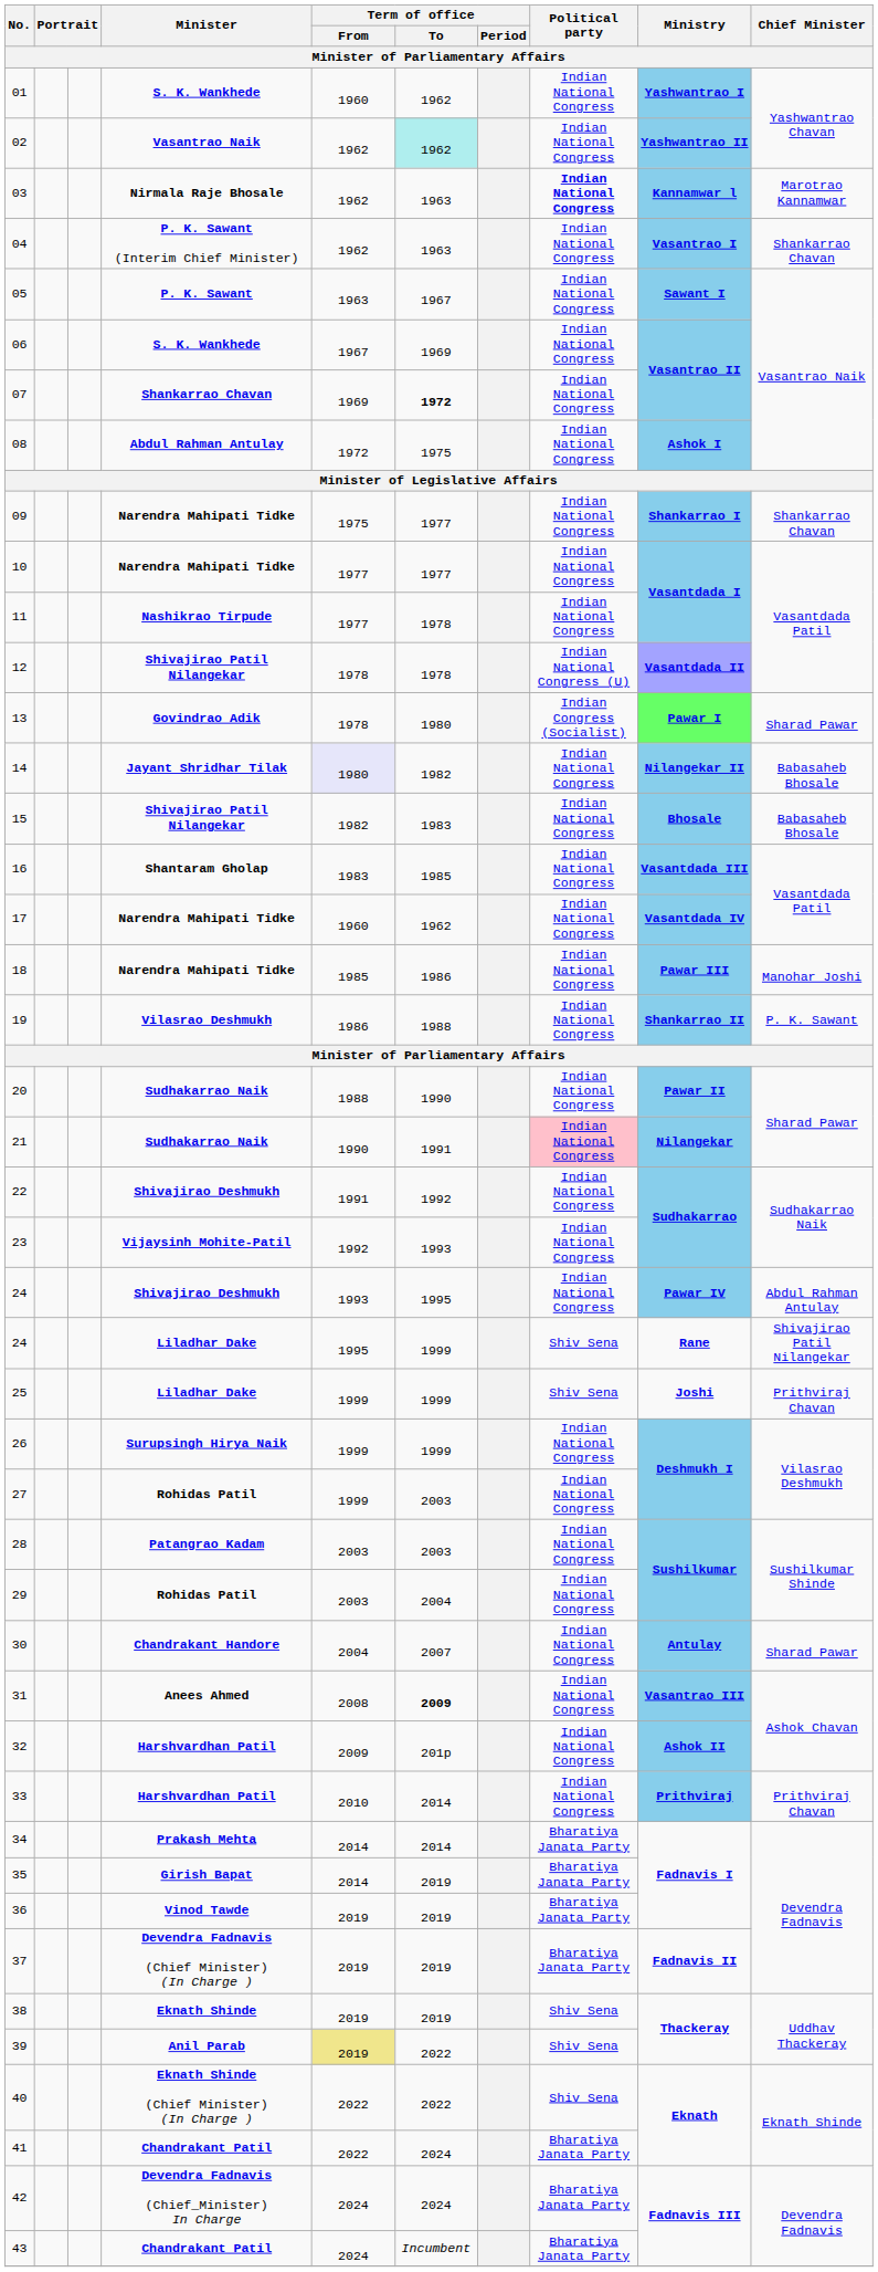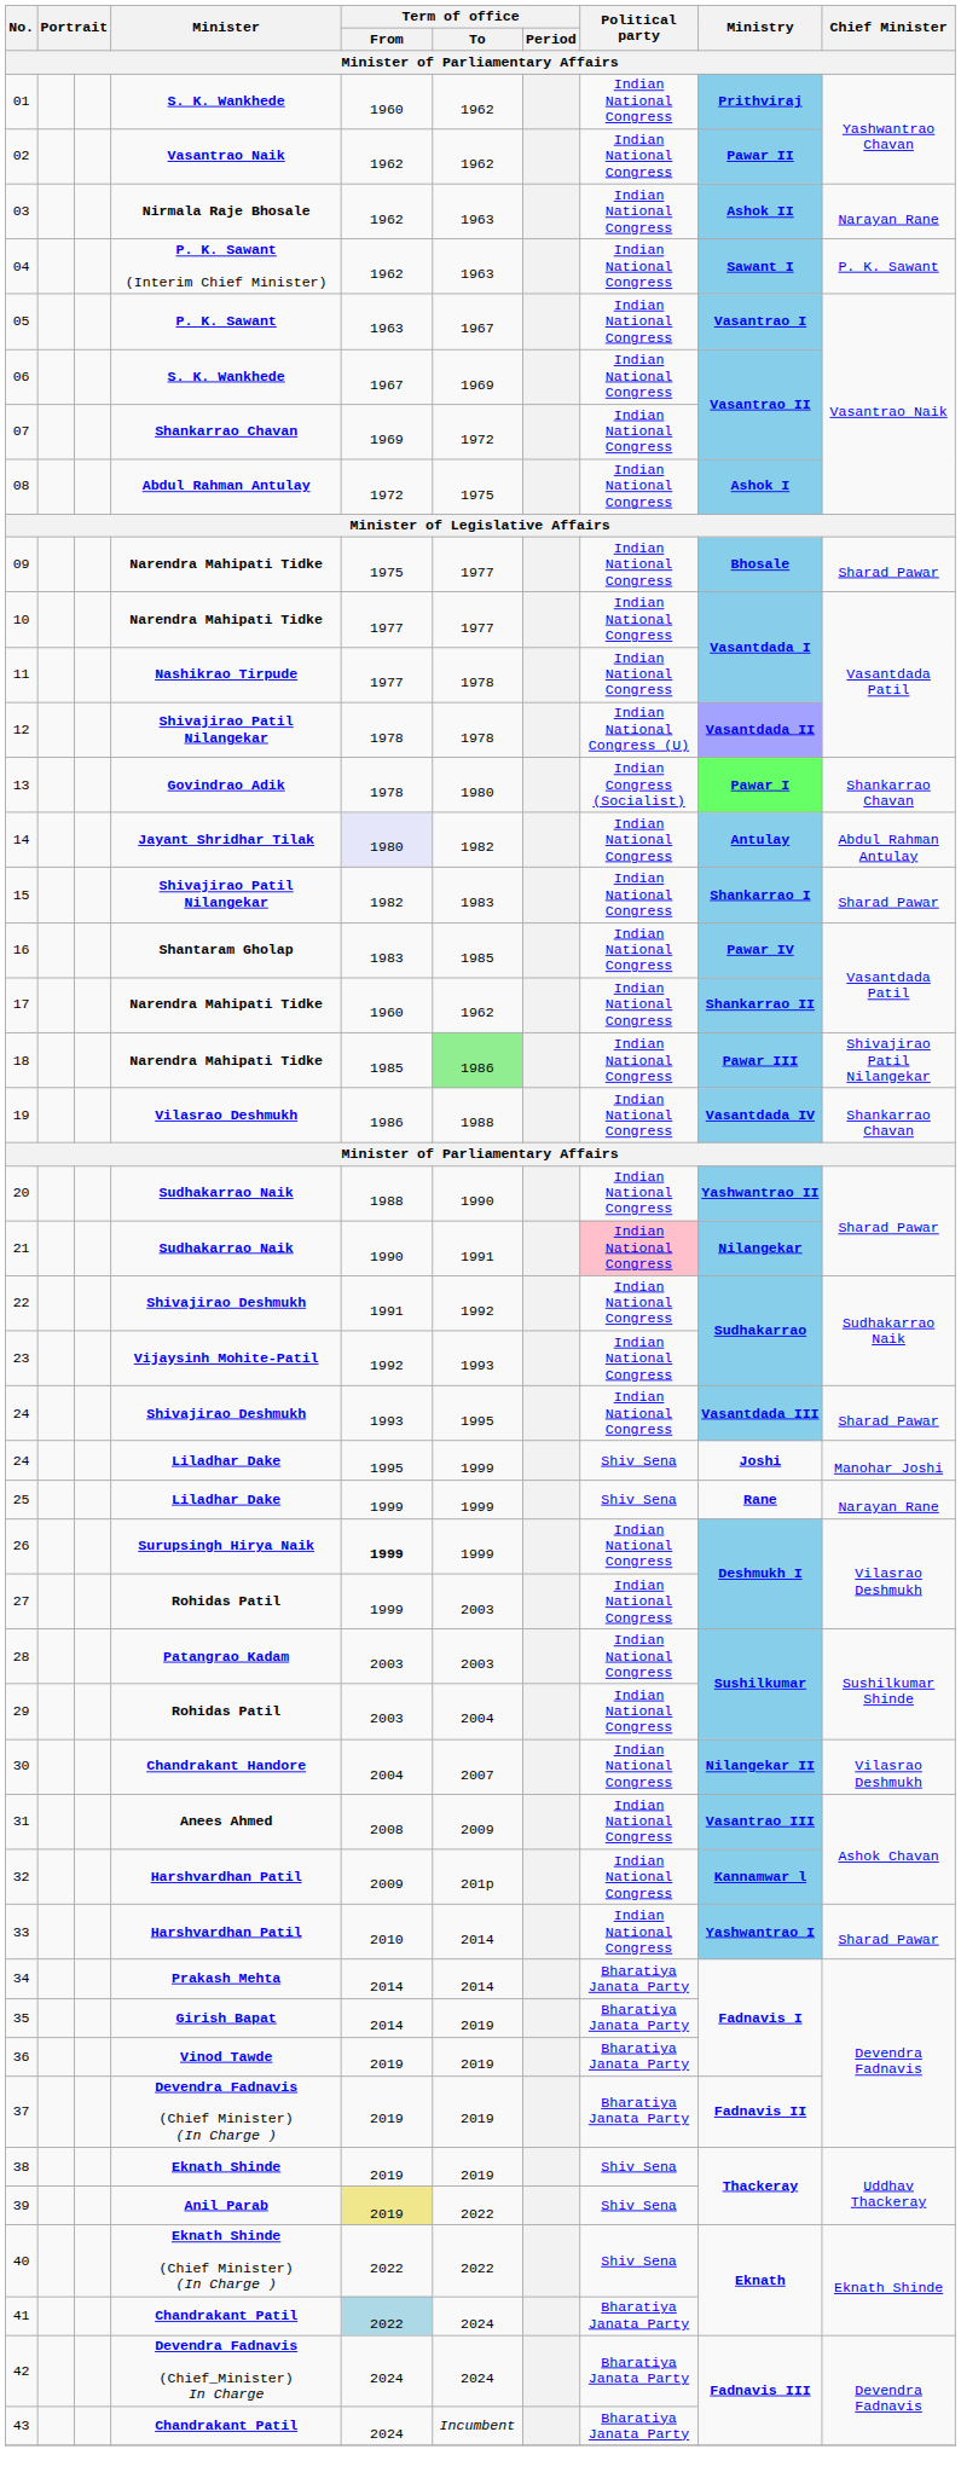 <table class="wikitable" style="text-align:center">
 <tr>
 <th rowspan="2">No.</th>
 <th rowspan="2" colspan="2">Portrait</th>
 <th rowspan="2" style="width:16em">Minister<br></th>
 <th colspan="3">Term of office</th>
 <th rowspan="2" style="width:8em">Political party</th>
 <th rowspan="2">Ministry</th>
 <th rowspan="2" style="width:9em">Chief Minister</th>
 </tr>
 <tr>
 <th style="width:6em">From</th>
 <th style="width:6em">To</th>
 <th>Period</th>
 </tr>
 <tr>
 <th colspan="10">Minister of Parliamentary Affairs</th>
 </tr>
 <tr>
 <td>01</td>
 <td style="color:inherit;background:"></td>
 <td></td>
 <td><strong><a href='#'>S. K. Wankhede</a></strong><br> </td>
 <td><br>1960</td>
 <td><br>1962</td>
 <th></th>
 <td><a href='#'>Indian National Congress</a></td>
-<td bgcolor="#87CEEB"><a href='#'><strong>Yashwantrao I</strong></a></td>
+<td bgcolor="#87CEEB"><a href='#'><strong>Prithviraj</strong></a></td>
 <td rowspan="2"> <br><a href='#'>Yashwantrao Chavan</a></td>
 </tr>
 <tr>
 <td>02</td>
 <td style="color:inherit;background:"></td>
 <td></td>
 <td><strong><a href='#'>Vasantrao Naik</a></strong> <br> </td>
 <td><br>1962</td>
-<td style="background: paleturquoise;"><br>1962</td>
+<td><br>1962</td>
 <th></th>
 <td><a href='#'>Indian National Congress</a></td>
-<td bgcolor="#87CEEB"><a href='#'><strong>Yashwantrao II</strong></a></td>
+<td bgcolor="#87CEEB"><a href='#'><strong>Pawar II</strong></a></td>
 </tr>
 <tr>
 <td>03</td>
 <td style="color:inherit;background:"></td>
 <td></td>
 <td><strong>Nirmala Raje Bhosale</strong> <br> </td>
 <td><br>1962</td>
 <td><br>1963</td>
 <th></th>
-<td><strong><a href='#'>Indian National Congress</a></strong></td>
-<td bgcolor="#87CEEB"><a href='#'><strong>Kannamwar l</strong></a></td>
-<td><a href='#'>Marotrao Kannamwar</a></td>
+<td><a href='#'>Indian National Congress</a></td>
+<td bgcolor="#87CEEB"><a href='#'><strong>Ashok II</strong></a></td>
+<td> <br><a href='#'>Narayan Rane</a></td>
 </tr>
 <tr>
 <td>04</td>
 <td style="color:inherit;background:"></td>
 <td></td>
 <td><strong><a href='#'>P. K. Sawant</a></strong> <br>  <br>(Interim Chief Minister)</td>
 <td><br>1962</td>
 <td><br>1963</td>
 <th></th>
 <td><a href='#'>Indian National Congress</a></td>
-<td bgcolor="#87CEEB"><a href='#'><strong>Vasantrao I</strong></a></td>
-<td><br><a href='#'>Shankarrao Chavan</a></td>
+<td bgcolor="#87CEEB"><a href='#'><strong>Sawant I</strong></a></td>
+<td><a href='#'>P. K. Sawant</a></td>
 </tr>
 <tr>
 <td>05</td>
 <td style="color:inherit;background:"></td>
 <td></td>
 <td><strong><a href='#'>P. K. Sawant</a></strong> <br> </td>
 <td><br>1963</td>
 <td><br>1967</td>
 <th></th>
 <td><a href='#'>Indian National Congress</a></td>
-<td bgcolor="#87CEEB"><a href='#'><strong>Sawant I</strong></a></td>
+<td bgcolor="#87CEEB"><a href='#'><strong>Vasantrao I</strong></a></td>
 <td rowspan="4"><br><a href='#'>Vasantrao Naik</a></td>
 </tr>
 <tr>
 <td>06</td>
 <td style="color:inherit;background:"></td>
 <td></td>
 <td><strong><a href='#'>S. K. Wankhede</a></strong> <br> </td>
 <td><br>1967</td>
 <td><br>1969</td>
 <th></th>
 <td><a href='#'>Indian National Congress</a></td>
 <td rowspan="2" bgcolor="#87CEEB"><a href='#'><strong>Vasantrao II</strong></a></td>
 </tr>
 <tr>
 <td>07</td>
 <td style="color:inherit;background:"></td>
 <td></td>
 <td><strong><a href='#'>Shankarrao Chavan</a></strong> <br> </td>
 <td><br>1969</td>
-<td><strong><br>1972</strong></td>
+<td><br>1972</td>
 <th></th>
 <td><a href='#'>Indian National Congress</a></td>
 </tr>
 <tr>
 <td>08</td>
 <td style="color:inherit;background:"></td>
 <td></td>
 <td><strong><a href='#'>Abdul Rahman Antulay</a></strong> <br> </td>
 <td><br>1972</td>
 <td><br>1975</td>
 <th></th>
 <td><a href='#'>Indian National Congress</a></td>
 <td bgcolor="#87CEEB"><a href='#'><strong>Ashok I</strong></a></td>
 </tr>
 <tr>
 <th colspan="10">Minister of Legislative Affairs</th>
 </tr>
 <tr>
 <td>09</td>
 <td style="color:inherit;background:"></td>
 <td></td>
 <td><strong>Narendra Mahipati Tidke</strong> <br> </td>
 <td><br>1975</td>
 <td><br>1977</td>
 <th></th>
 <td><a href='#'>Indian National Congress</a></td>
-<td bgcolor="#87CEEB"><a href='#'><strong>Shankarrao I</strong></a></td>
-<td><br><a href='#'>Shankarrao Chavan</a></td>
+<td bgcolor="#87CEEB"><a href='#'><strong>Bhosale</strong></a></td>
+<td rowspan="1"><br><a href='#'>Sharad Pawar</a></td>
 </tr>
 <tr>
 <td>10</td>
 <td style="color:inherit;background:"></td>
 <td></td>
 <td><strong>Narendra Mahipati Tidke</strong> <br> </td>
 <td><br>1977</td>
 <td><br>1977</td>
 <th></th>
 <td><a href='#'>Indian National Congress</a></td>
 <td rowspan="2" bgcolor="#88CEEB"><a href='#'><strong>Vasantdada I</strong></a></td>
 <td rowspan="3"><br><a href='#'>Vasantdada Patil</a></td>
 </tr>
 <tr>
 <td>11</td>
 <td style="color:inherit;background:"></td>
 <td></td>
 <td><strong><a href='#'>Nashikrao Tirpude</a></strong> <br> </td>
 <td><br>1977</td>
 <td><br>1978</td>
 <th></th>
 <td><a href='#'>Indian National Congress</a></td>
 </tr>
 <tr>
 <td>12</td>
 <td style="color:inherit;background:"></td>
 <td></td>
 <td><strong><a href='#'>Shivajirao Patil Nilangekar</a></strong> <br> </td>
 <td><br>1978</td>
 <td><br>1978</td>
 <th></th>
 <td><a href='#'>Indian National Congress (U)</a></td>
 <td bgcolor="#A3A3FF"><a href='#'><strong>Vasantdada II</strong></a></td>
 </tr>
 <tr>
 <td>13</td>
 <td style="color:inherit;background:"></td>
 <td></td>
 <td><strong><a href='#'>Govindrao Adik</a></strong> <br> </td>
 <td><br>1978</td>
 <td><br>1980</td>
 <th></th>
 <td><a href='#'>Indian Congress (Socialist)</a></td>
 <td rowspan="1" bgcolor="#66FF66"><a href='#'><strong>Pawar I</strong></a></td>
-<td rowspan="1"><br><a href='#'>Sharad Pawar</a></td>
+<td><br><a href='#'>Shankarrao Chavan</a></td>
 </tr>
 <tr>
 <td>14</td>
 <td style="color:inherit;background:"></td>
 <td></td>
 <td><strong><a href='#'>Jayant Shridhar Tilak</a></strong> <br> </td>
 <td style="background: lavender;"><br>1980</td>
 <td><br>1982</td>
 <th></th>
 <td><a href='#'>Indian National Congress</a></td>
-<td bgcolor="#87CEEB"><a href='#'><strong>Nilangekar II</strong></a></td>
-<td rowspan="1"> <br><a href='#'>Babasaheb Bhosale</a></td>
+<td bgcolor="#87CEEB"><a href='#'><strong>Antulay</strong></a></td>
+<td rowspan="1"> <br><a href='#'>Abdul Rahman Antulay</a></td>
 </tr>
 <tr>
 <td>15</td>
 <td style="color:inherit;background:"></td>
 <td></td>
 <td><strong><a href='#'>Shivajirao Patil Nilangekar</a></strong> <br> </td>
 <td><br>1982</td>
 <td><br>1983</td>
 <th></th>
 <td><a href='#'>Indian National Congress</a></td>
-<td bgcolor="#87CEEB"><a href='#'><strong>Bhosale</strong></a></td>
-<td rowspan="1"> <br><a href='#'>Babasaheb Bhosale</a></td>
+<td bgcolor="#87CEEB"><a href='#'><strong>Shankarrao I</strong></a></td>
+<td> <br><a href='#'>Sharad Pawar</a></td>
 </tr>
 <tr>
 <td>16</td>
 <td style="color:inherit;background:"></td>
 <td></td>
 <td><strong>Shantaram Gholap</strong> <br> </td>
 <td><br>1983</td>
 <td><br>1985</td>
 <th></th>
 <td><a href='#'>Indian National Congress</a></td>
-<td bgcolor="#87CEEB"><a href='#'><strong>Vasantdada III</strong></a></td>
+<td bgcolor="#87CEEB"><a href='#'><strong>Pawar IV</strong></a></td>
 <td rowspan="2"><br><a href='#'>Vasantdada Patil</a></td>
 </tr>
 <tr>
 <td>17</td>
 <td style="color:inherit;background:"></td>
 <td></td>
 <td><strong>Narendra Mahipati Tidke</strong> <br> </td>
 <td><br>1960</td>
 <td><br>1962</td>
 <th></th>
 <td><a href='#'>Indian National Congress</a></td>
-<td bgcolor="#87CEEB"><a href='#'><strong>Vasantdada IV</strong></a></td>
+<td bgcolor="#87CEEB"><a href='#'><strong>Shankarrao II</strong></a></td>
 </tr>
 <tr>
 <td>18</td>
 <td style="color:inherit;background:"></td>
 <td></td>
 <td><strong>Narendra Mahipati Tidke</strong> <br> </td>
 <td><br>1985</td>
-<td><br>1986</td>
+<td style="background: lightgreen;"><br>1986</td>
 <th></th>
 <td><a href='#'>Indian National Congress</a></td>
 <td bgcolor="#87CEEB"><a href='#'><strong>Pawar III</strong></a></td>
-<td> <br><a href='#'>Manohar Joshi</a></td>
+<td><a href='#'>Shivajirao Patil Nilangekar</a></td>
 </tr>
 <tr>
 <td>19</td>
 <td style="color:inherit;background:"></td>
 <td></td>
 <td><strong><a href='#'>Vilasrao Deshmukh</a></strong> <br> </td>
 <td><br>1986</td>
 <td><br>1988</td>
 <th></th>
 <td><a href='#'>Indian National Congress</a></td>
-<td bgcolor="#87CEEB"><a href='#'><strong>Shankarrao II</strong></a></td>
-<td><a href='#'>P. K. Sawant</a></td>
+<td bgcolor="#87CEEB"><a href='#'><strong>Vasantdada IV</strong></a></td>
+<td rowspan="1"> <br><a href='#'>Shankarrao Chavan</a></td>
 </tr>
 <tr>
 <th colspan="10">Minister of Parliamentary Affairs</th>
 </tr>
 <tr>
 <td>20</td>
 <td style="color:inherit;background:"></td>
 <td></td>
 <td><strong><a href='#'>Sudhakarrao Naik</a></strong><br> </td>
 <td><br>1988</td>
 <td><br>1990</td>
 <th></th>
 <td><a href='#'>Indian National Congress</a></td>
-<td bgcolor="#87CEEB"><a href='#'><strong>Pawar II</strong></a></td>
+<td bgcolor="#87CEEB"><a href='#'><strong>Yashwantrao II</strong></a></td>
 <td rowspan="2"> <br><a href='#'>Sharad Pawar</a></td>
 </tr>
 <tr>
 <td>21</td>
 <td style="color:inherit;background:"></td>
 <td></td>
 <td><strong><a href='#'>Sudhakarrao Naik</a></strong><br> </td>
 <td><br>1990</td>
 <td><br>1991</td>
 <th></th>
 <td style="background: pink;"><a href='#'>Indian National Congress</a></td>
 <td bgcolor="#87CEEB"><a href='#'><strong>Nilangekar</strong></a></td>
 </tr>
 <tr>
 <td>22</td>
 <td style="color:inherit;background:"></td>
 <td></td>
 <td><strong><a href='#'>Shivajirao Deshmukh</a></strong> <br> </td>
 <td><br>1991</td>
 <td><br>1992</td>
 <th></th>
 <td><a href='#'>Indian National Congress</a></td>
 <td rowspan="2" bgcolor="#87CEEB"><a href='#'><strong>Sudhakarrao</strong></a></td>
 <td rowspan="2"><a href='#'>Sudhakarrao Naik</a></td>
 </tr>
 <tr>
 <td>23</td>
 <td style="color:inherit;background:"></td>
 <td></td>
 <td><strong><a href='#'>Vijaysinh Mohite-Patil</a></strong> <br> </td>
 <td><br>1992</td>
 <td><br>1993</td>
 <th></th>
 <td><a href='#'>Indian National Congress</a></td>
 </tr>
 <tr>
 <td>24</td>
 <td style="color:inherit;background:"></td>
 <td></td>
 <td><strong><a href='#'>Shivajirao Deshmukh</a></strong> <br> </td>
 <td><br>1993</td>
 <td><br>1995</td>
 <th></th>
 <td><a href='#'>Indian National Congress</a></td>
-<td bgcolor="#87CEEB"><a href='#'><strong>Pawar IV</strong></a></td>
-<td rowspan="1"> <br><a href='#'>Abdul Rahman Antulay</a></td>
+<td bgcolor="#87CEEB"><a href='#'><strong>Vasantdada III</strong></a></td>
+<td> <br><a href='#'>Sharad Pawar</a></td>
 </tr>
 <tr>
 <td>24</td>
 <td style="color:inherit;background:"></td>
 <td></td>
 <td><strong><a href='#'>Liladhar Dake</a></strong> <br> </td>
 <td><br>1995</td>
 <td><br>1999</td>
 <th></th>
 <td><a href='#'>Shiv Sena</a></td>
-<td><a href='#'><strong>Rane</strong></a></td>
-<td><a href='#'>Shivajirao Patil Nilangekar</a></td>
+<td><a href='#'><strong>Joshi</strong></a></td>
+<td> <br><a href='#'>Manohar Joshi</a></td>
 </tr>
 <tr>
 <td>25</td>
 <td style="color:inherit;background:"></td>
 <td></td>
 <td><strong><a href='#'>Liladhar Dake</a></strong> <br> </td>
 <td><br>1999</td>
 <td><br>1999</td>
 <th></th>
 <td><a href='#'>Shiv Sena</a></td>
-<td><a href='#'><strong>Joshi</strong></a></td>
-<td><br><a href='#'>Prithviraj Chavan</a></td>
+<td><a href='#'><strong>Rane</strong></a></td>
+<td> <br><a href='#'>Narayan Rane</a></td>
 </tr>
 <tr>
 <td>26</td>
 <td style="color:inherit;background:"></td>
 <td></td>
 <td><strong><a href='#'>Surupsingh Hirya Naik</a></strong> <br> </td>
-<td><br>1999</td>
+<td><strong><br>1999</strong></td>
 <td><br>1999</td>
 <th></th>
 <td><a href='#'>Indian National Congress</a></td>
 <td rowspan="2" bgcolor="#87CEEB"><a href='#'><strong>Deshmukh I</strong></a></td>
 <td rowspan="2"> <br><a href='#'>Vilasrao Deshmukh</a></td>
 </tr>
 <tr>
 <td>27</td>
 <td style="color:inherit;background:"></td>
 <td></td>
 <td><strong>Rohidas Patil</strong> <br> </td>
 <td><br>1999</td>
 <td><br>2003</td>
 <th></th>
 <td><a href='#'>Indian National Congress</a></td>
 </tr>
 <tr>
 <td>28</td>
 <td style="color:inherit;background:"></td>
 <td></td>
 <td><strong><a href='#'>Patangrao Kadam</a></strong> <br> </td>
 <td><br>2003</td>
 <td><br>2003</td>
 <th></th>
 <td><a href='#'>Indian National Congress</a></td>
 <td rowspan="2" bgcolor="#87CEEB"><a href='#'><strong>Sushilkumar</strong></a></td>
 <td rowspan="2"> <br><a href='#'>Sushilkumar Shinde</a></td>
 </tr>
 <tr>
 <td>29</td>
 <td style="color:inherit;background:"></td>
 <td></td>
 <td><strong>Rohidas Patil</strong> <br> </td>
 <td><br>2003</td>
 <td><br>2004</td>
 <th></th>
 <td><a href='#'>Indian National Congress</a></td>
 </tr>
 <tr>
 <td>30</td>
 <td style="color:inherit;background:"></td>
 <td></td>
 <td><strong><a href='#'>Chandrakant Handore</a></strong> <br> </td>
 <td><br>2004</td>
 <td><br>2007</td>
 <th></th>
 <td><a href='#'>Indian National Congress</a></td>
-<td bgcolor="#87CEEB"><a href='#'><strong>Antulay</strong></a></td>
-<td> <br><a href='#'>Sharad Pawar</a></td>
+<td bgcolor="#87CEEB"><a href='#'><strong>Nilangekar II</strong></a></td>
+<td> <br><a href='#'>Vilasrao Deshmukh</a></td>
 </tr>
 <tr>
 <td>31</td>
 <td style="color:inherit;background:"></td>
 <td></td>
 <td><strong>Anees Ahmed</strong> <br> </td>
 <td><br>2008</td>
-<td><strong><br>2009</strong></td>
+<td><br>2009</td>
 <th></th>
 <td><a href='#'>Indian National Congress</a></td>
 <td bgcolor="#87CEEB"><a href='#'><strong>Vasantrao III</strong></a></td>
 <td rowspan="2"><br><a href='#'>Ashok Chavan</a></td>
 </tr>
 <tr>
 <td>32</td>
 <td style="color:inherit;background:"></td>
 <td></td>
 <td><strong><a href='#'>Harshvardhan Patil</a></strong> <br> </td>
 <td><br>2009</td>
 <td><br>201p</td>
 <th></th>
 <td><a href='#'>Indian National Congress</a></td>
-<td bgcolor="#87CEEB"><a href='#'><strong>Ashok II</strong></a></td>
+<td bgcolor="#87CEEB"><a href='#'><strong>Kannamwar l</strong></a></td>
 </tr>
 <tr>
 <td>33</td>
 <td style="color:inherit;background:"></td>
 <td></td>
 <td><strong><a href='#'>Harshvardhan Patil</a></strong> <br> </td>
 <td><br>2010</td>
 <td><br>2014</td>
 <th></th>
 <td><a href='#'>Indian National Congress</a></td>
-<td bgcolor="#87CEEB"><a href='#'><strong>Prithviraj</strong></a></td>
-<td><br><a href='#'>Prithviraj Chavan</a></td>
+<td bgcolor="#87CEEB"><a href='#'><strong>Yashwantrao I</strong></a></td>
+<td rowspan="1"><br><a href='#'>Sharad Pawar</a></td>
 </tr>
 <tr>
 <td>34</td>
 <td style="color:inherit;background:"></td>
 <td></td>
 <td><strong><a href='#'>Prakash Mehta</a></strong> <br> </td>
 <td><br>2014</td>
 <td><br>2014</td>
 <th></th>
 <td><a href='#'>Bharatiya Janata Party</a></td>
 <td rowspan="3"><a href='#'><strong>Fadnavis I</strong></a></td>
 <td rowspan="4"> <br><a href='#'>Devendra Fadnavis</a></td>
 </tr>
 <tr>
 <td>35</td>
 <td style="color:inherit;background:"></td>
 <td></td>
 <td><strong><a href='#'>Girish Bapat</a></strong> <br> </td>
 <td><br>2014</td>
 <td><br>2019</td>
 <th></th>
 <td><a href='#'>Bharatiya Janata Party</a></td>
 </tr>
 <tr>
 <td>36</td>
 <td style="color:inherit;background:"></td>
 <td></td>
 <td><strong><a href='#'>Vinod Tawde</a></strong> <br> </td>
 <td><br>2019</td>
 <td><br>2019</td>
 <th></th>
 <td><a href='#'>Bharatiya Janata Party</a></td>
 </tr>
 <tr>
 <td>37</td>
 <td style="color:inherit;background:"></td>
 <td></td>
 <td><strong><a href='#'>Devendra Fadnavis</a></strong>  <br> <br>(Chief Minister) <br><em>(In Charge )</em></td>
 <td><br>2019</td>
 <td><br>2019</td>
 <th></th>
 <td><a href='#'>Bharatiya Janata Party</a></td>
 <td rowspan="1"><a href='#'><strong>Fadnavis II</strong></a></td>
 </tr>
 <tr>
 <td>38</td>
 <td style="color:inherit;background:"></td>
 <td></td>
 <td><strong><a href='#'>Eknath Shinde</a></strong> <br> </td>
 <td><br>2019</td>
 <td><br>2019</td>
 <th></th>
 <td><a href='#'>Shiv Sena</a></td>
 <td rowspan="2"><a href='#'><strong>Thackeray</strong></a></td>
 <td rowspan="2"> <br><a href='#'>Uddhav Thackeray</a></td>
 </tr>
 <tr>
 <td>39</td>
 <td style="color:inherit;background:"></td>
 <td></td>
 <td><strong><a href='#'>Anil Parab</a></strong> <br> </td>
 <td style="background: khaki;"><br>2019</td>
 <td><br>2022</td>
 <th></th>
 <td><a href='#'>Shiv Sena</a></td>
 </tr>
 <tr>
 <td>40</td>
 <td style="color:inherit;background:"></td>
 <td></td>
 <td><strong><a href='#'>Eknath Shinde</a></strong> <br> <br>(Chief Minister) <br><em>(In Charge )</em></td>
 <td><br>2022</td>
 <td><br>2022</td>
 <th></th>
 <td><a href='#'>Shiv Sena</a></td>
 <td rowspan="2"><a href='#'><strong>Eknath</strong></a></td>
 <td rowspan="2"> <br><a href='#'>Eknath Shinde</a></td>
 </tr>
 <tr>
 <td>41</td>
 <td style="color:inherit;background:"></td>
 <td></td>
 <td><strong><a href='#'>Chandrakant Patil</a></strong> <br> </td>
-<td><br>2022</td>
+<td style="background: lightblue;"><br>2022</td>
 <td><br>2024</td>
 <th></th>
 <td><a href='#'>Bharatiya Janata Party</a></td>
 </tr>
 <tr>
 <td>42</td>
 <td style="color:inherit;background:"></td>
 <td></td>
 <td><strong><a href='#'>Devendra Fadnavis</a></strong>  <br> <br>(Chief_Minister) <br><em>In Charge</em></td>
 <td><br>2024</td>
 <td><br>2024</td>
 <th></th>
 <td><a href='#'>Bharatiya Janata Party</a></td>
 <td rowspan="2"><a href='#'><strong>Fadnavis III</strong></a></td>
 <td rowspan="2"> <br><a href='#'>Devendra Fadnavis</a></td>
 </tr>
 <tr>
 <td>43</td>
 <td style="color:inherit;background:"></td>
 <td></td>
 <td><strong><a href='#'>Chandrakant Patil</a></strong> <br> </td>
 <td><br>2024</td>
 <td><em>Incumbent</em></td>
 <th></th>
 <td><a href='#'>Bharatiya Janata Party</a></td>
 </tr>
 <tr>
 </tr>
 </table>
